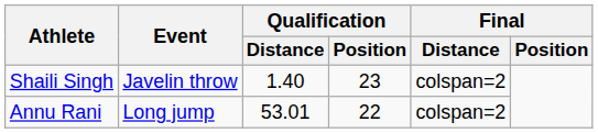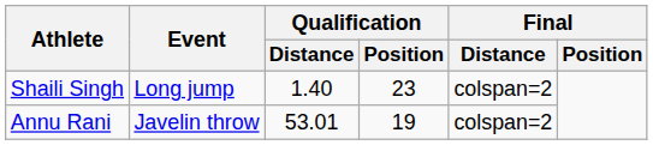 <table class=wikitable style="font-size:90%">
 <tr>
 <th rowspan="2">Athlete</th>
 <th rowspan="2">Event</th>
 <th colspan="2">Qualification</th>
 <th colspan="2">Final</th>
 </tr>
 <tr style="font-size:95%">
 <th>Distance</th>
 <th>Position</th>
 <th>Distance</th>
 <th>Position</th>
 </tr>
 <tr style=text-align:center>
 <td style=text-align:left><a href='#'>Shaili Singh</a></td>
-<td style="text-align:left"><a href='#'>Javelin throw</a></td>
+<td style="text-align:left"><a href='#'>Long jump</a></td>
 <td>1.40</td>
 <td>23</td>
 <td>colspan=2 </td>
 </tr>
 <tr style=text-align:center>
 <td style=text-align:left><a href='#'>Annu Rani</a></td>
-<td style="text-align:left"><a href='#'>Long jump</a></td>
+<td style="text-align:left"><a href='#'>Javelin throw</a></td>
 <td>53.01</td>
-<td>22</td>
+<td>19</td>
 <td>colspan=2 </td>
 </tr>
 </table>
